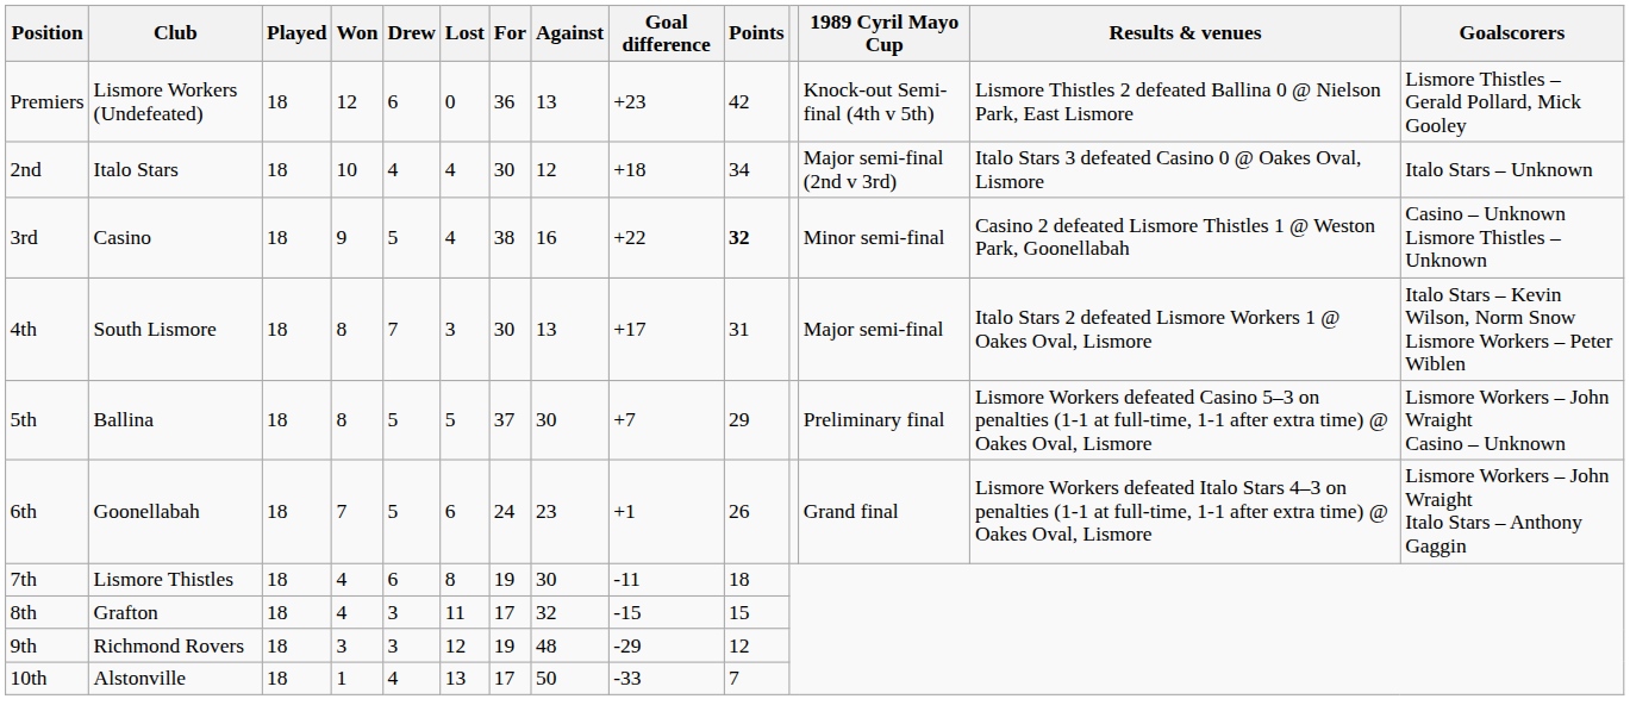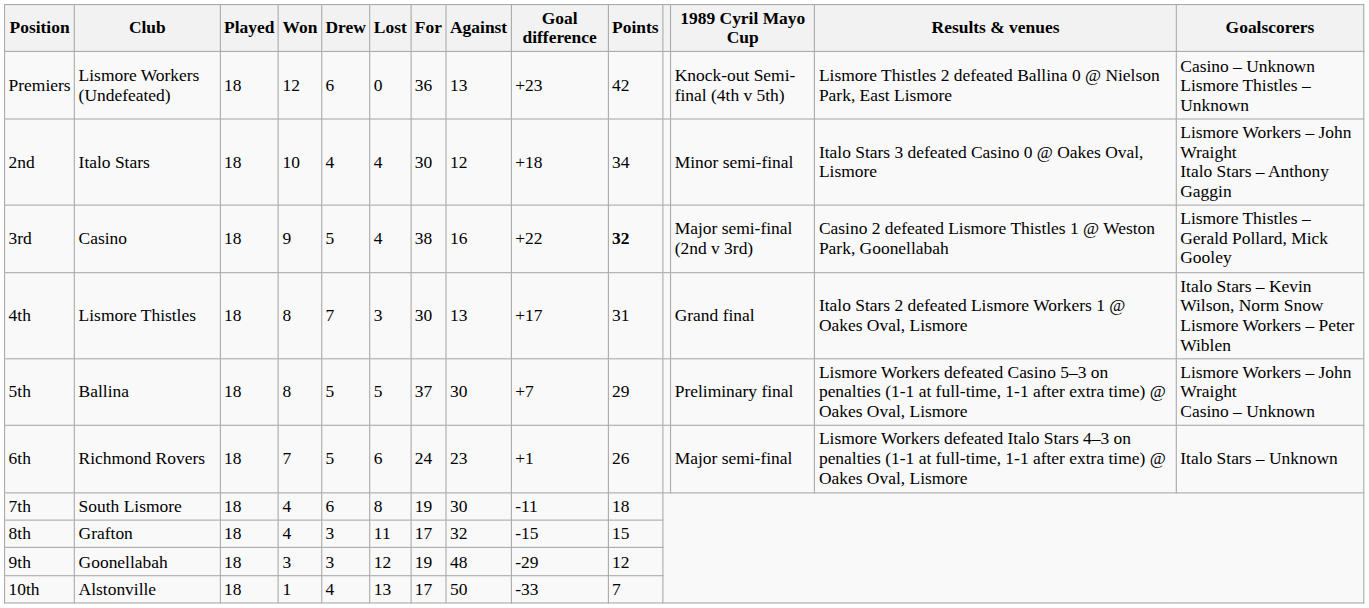 <table class="wikitable">
 <tr>
 <th>Position</th>
 <th>Club</th>
 <th>Played</th>
 <th>Won</th>
 <th>Drew</th>
 <th>Lost</th>
 <th>For</th>
 <th>Against</th>
 <th>Goal difference</th>
 <th>Points</th>
 <th></th>
 <th>1989 Cyril Mayo Cup</th>
 <th>Results & venues</th>
 <th>Goalscorers</th>
 </tr>
 <tr>
 <td>Premiers</td>
 <td>Lismore Workers (Undefeated)</td>
 <td>18</td>
 <td>12</td>
 <td>6</td>
 <td>0</td>
 <td>36</td>
 <td>13</td>
 <td>+23</td>
 <td>42</td>
 <td></td>
 <td>Knock-out Semi-final (4th v 5th)</td>
 <td>Lismore Thistles 2 defeated Ballina 0 @ Nielson Park, East Lismore</td>
-<td>Lismore Thistles – Gerald Pollard, Mick Gooley</td>
+<td>Casino – Unknown<br>Lismore Thistles – Unknown</td>
 </tr>
 <tr>
 <td>2nd</td>
 <td>Italo Stars</td>
 <td>18</td>
 <td>10</td>
 <td>4</td>
 <td>4</td>
 <td>30</td>
 <td>12</td>
 <td>+18</td>
 <td>34</td>
 <td></td>
-<td>Major semi-final (2nd v 3rd)</td>
+<td>Minor semi-final</td>
 <td>Italo Stars 3 defeated Casino 0 @ Oakes Oval, Lismore</td>
-<td>Italo Stars – Unknown</td>
+<td>Lismore Workers – John Wraight<br>Italo Stars – Anthony Gaggin</td>
 </tr>
 <tr>
 <td>3rd</td>
 <td>Casino</td>
 <td>18</td>
 <td>9</td>
 <td>5</td>
 <td>4</td>
 <td>38</td>
 <td>16</td>
 <td>+22</td>
 <td><strong>32</strong></td>
 <td></td>
-<td>Minor semi-final</td>
+<td>Major semi-final (2nd v 3rd)</td>
 <td>Casino 2 defeated Lismore Thistles 1 @ Weston Park, Goonellabah</td>
-<td>Casino – Unknown<br>Lismore Thistles – Unknown</td>
+<td>Lismore Thistles – Gerald Pollard, Mick Gooley</td>
 </tr>
 <tr>
 <td>4th</td>
-<td>South Lismore</td>
+<td>Lismore Thistles</td>
 <td>18</td>
 <td>8</td>
 <td>7</td>
 <td>3</td>
 <td>30</td>
 <td>13</td>
 <td>+17</td>
 <td>31</td>
 <td></td>
-<td>Major semi-final</td>
+<td>Grand final</td>
 <td>Italo Stars 2 defeated Lismore Workers 1 @ Oakes Oval, Lismore</td>
 <td>Italo Stars – Kevin Wilson, Norm Snow<br>Lismore Workers – Peter Wiblen</td>
 </tr>
 <tr>
 <td>5th</td>
 <td>Ballina</td>
 <td>18</td>
 <td>8</td>
 <td>5</td>
 <td>5</td>
 <td>37</td>
 <td>30</td>
 <td>+7</td>
 <td>29</td>
 <td></td>
 <td>Preliminary final</td>
 <td>Lismore Workers defeated Casino 5–3 on penalties (1-1 at full-time, 1-1 after extra time) @ Oakes Oval, Lismore</td>
 <td>Lismore Workers – John Wraight<br>Casino – Unknown</td>
 </tr>
 <tr>
 <td>6th</td>
-<td>Goonellabah</td>
+<td>Richmond Rovers</td>
 <td>18</td>
 <td>7</td>
 <td>5</td>
 <td>6</td>
 <td>24</td>
 <td>23</td>
 <td>+1</td>
 <td>26</td>
 <td></td>
-<td>Grand final</td>
+<td>Major semi-final</td>
 <td>Lismore Workers defeated Italo Stars 4–3 on penalties (1-1 at full-time, 1-1 after extra time) @ Oakes Oval, Lismore</td>
-<td>Lismore Workers – John Wraight<br>Italo Stars – Anthony Gaggin</td>
+<td>Italo Stars – Unknown</td>
 </tr>
 <tr>
 <td>7th</td>
-<td>Lismore Thistles</td>
+<td>South Lismore</td>
 <td>18</td>
 <td>4</td>
 <td>6</td>
 <td>8</td>
 <td>19</td>
 <td>30</td>
 <td>-11</td>
 <td>18</td>
 </tr>
 <tr>
 <td>8th</td>
 <td>Grafton</td>
 <td>18</td>
 <td>4</td>
 <td>3</td>
 <td>11</td>
 <td>17</td>
 <td>32</td>
 <td>-15</td>
 <td>15</td>
 </tr>
 <tr>
 <td>9th</td>
-<td>Richmond Rovers</td>
+<td>Goonellabah</td>
 <td>18</td>
 <td>3</td>
 <td>3</td>
 <td>12</td>
 <td>19</td>
 <td>48</td>
 <td>-29</td>
 <td>12</td>
 </tr>
 <tr>
 <td>10th</td>
 <td>Alstonville</td>
 <td>18</td>
 <td>1</td>
 <td>4</td>
 <td>13</td>
 <td>17</td>
 <td>50</td>
 <td>-33</td>
 <td>7</td>
 </tr>
 </table>
